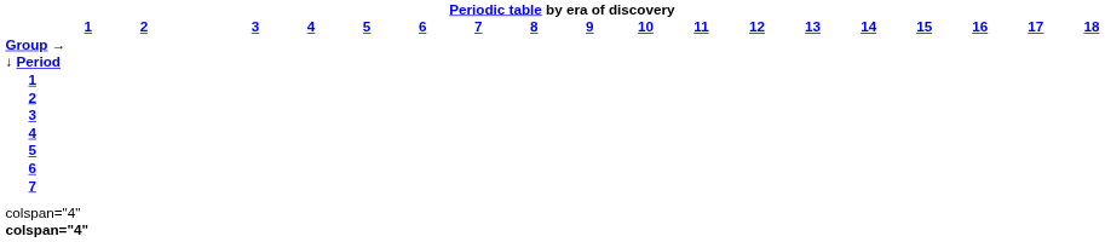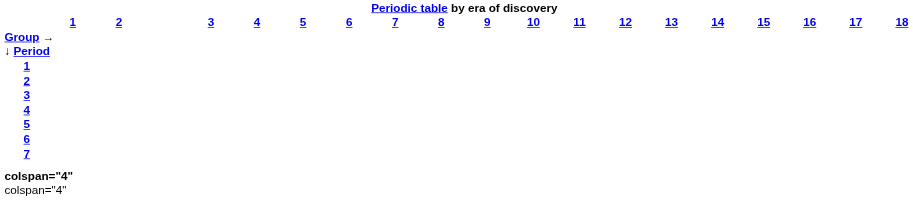 <table border="0" cellpadding="0" cellspacing="2" style="table-layout:fixed; width:100%; background:">
 <tr>
 <th colspan=20 style="background:"><a href='#'>Periodic table</a> by era of discovery</th>
 </tr>
 <tr style="background:">
 <th></th>
 <th><a href='#'>1</a></th>
 <th><a href='#'>2</a></th>
 <th style="width:2%"> </th>
 <th><a href='#'>3</a></th>
 <th><a href='#'>4</a></th>
 <th><a href='#'>5</a></th>
 <th><a href='#'>6</a></th>
 <th><a href='#'>7</a></th>
 <th><a href='#'>8</a></th>
 <th><a href='#'>9</a></th>
 <th><a href='#'>10</a></th>
 <th><a href='#'>11</a></th>
 <th><a href='#'>12</a></th>
 <th><a href='#'>13</a></th>
 <th><a href='#'>14</a></th>
 <th><a href='#'>15</a></th>
 <th><a href='#'>16</a></th>
 <th><a href='#'>17</a></th>
 <th><a href='#'>18</a></th>
 </tr>
 <tr>
 <th colspan=3 style="text-align:left;"><a href='#'>Group</a> →</th>
 <th colspan=17> </th>
 </tr>
 <tr>
 <th colspan=3 style="text-align:left;">↓ <a href='#'>Period</a></th>
 <th colspan=17> </th>
 </tr>
 <tr>
 <th><a href='#'>1</a></th>
 <td></td>
 <td colspan="1"></td>
 <td colspan="11"></td>
 <td colspan="5"></td>
 <td></td>
 </tr>
 <tr>
 <th><a href='#'>2</a></th>
 <td></td>
 <td></td>
 <td colspan="11"></td>
 <td></td>
 <td></td>
 <td></td>
 <td></td>
 <td></td>
 <td></td>
 </tr>
 <tr>
 <th><a href='#'>3</a></th>
 <td></td>
 <td></td>
 <td colspan="11"></td>
 <td></td>
 <td></td>
 <td></td>
 <td></td>
 <td></td>
 <td></td>
 </tr>
 <tr>
 <th><a href='#'>4</a></th>
 <td></td>
 <td></td>
 <td></td>
 <td></td>
 <td></td>
 <td></td>
 <td></td>
 <td></td>
 <td></td>
 <td></td>
 <td></td>
 <td></td>
 <td></td>
 <td></td>
 <td></td>
 <td></td>
 <td></td>
 <td></td>
 <td></td>
 </tr>
 <tr>
 <th><a href='#'>5</a></th>
 <td></td>
 <td></td>
 <td></td>
 <td></td>
 <td></td>
 <td></td>
 <td></td>
 <td></td>
 <td></td>
 <td></td>
 <td></td>
 <td></td>
 <td></td>
 <td></td>
 <td></td>
 <td></td>
 <td></td>
 <td></td>
 <td></td>
 </tr>
 <tr>
 <th><a href='#'>6</a></th>
 <td></td>
 <td></td>
 <td></td>
 <td></td>
 <td></td>
 <td></td>
 <td></td>
 <td></td>
 <td></td>
 <td></td>
 <td></td>
 <td></td>
 <td></td>
 <td></td>
 <td></td>
 <td></td>
 <td></td>
 <td></td>
 <td></td>
 </tr>
 <tr>
 <th><a href='#'>7</a></th>
 <td></td>
 <td></td>
 <td></td>
 <td></td>
 <td></td>
 <td></td>
 <td></td>
 <td></td>
 <td></td>
 <td></td>
 <td></td>
 <td></td>
 <td></td>
 <td></td>
 <td></td>
 <td></td>
 <td></td>
 <td></td>
 <td></td>
 </tr>
 <tr>
 <td colspan=20 style="line-height:50%;"> </td>
 </tr>
 <tr>
-<td>colspan="4" </td>
+<td><strong>colspan="4" </strong></td>
 <td></td>
 <td></td>
 <td></td>
 <td></td>
 <td></td>
 <td></td>
 <td></td>
 <td></td>
 <td></td>
 <td></td>
 <td></td>
 <td></td>
 <td></td>
 <td></td>
 <td> </td>
 </tr>
 <tr>
-<td><strong>colspan="4" </strong></td>
+<td>colspan="4" </td>
 <td></td>
 <td></td>
 <td></td>
 <td></td>
 <td></td>
 <td></td>
 <td></td>
 <td></td>
 <td></td>
 <td></td>
 <td></td>
 <td></td>
 <td></td>
 <td></td>
 <td> </td>
 </tr>
 <tr>
 <td colspan=20 style="line-height:50%;"> </td>
 </tr>
 <tr>
 <td colspan=20><br></td>
 </tr>
 </table>
